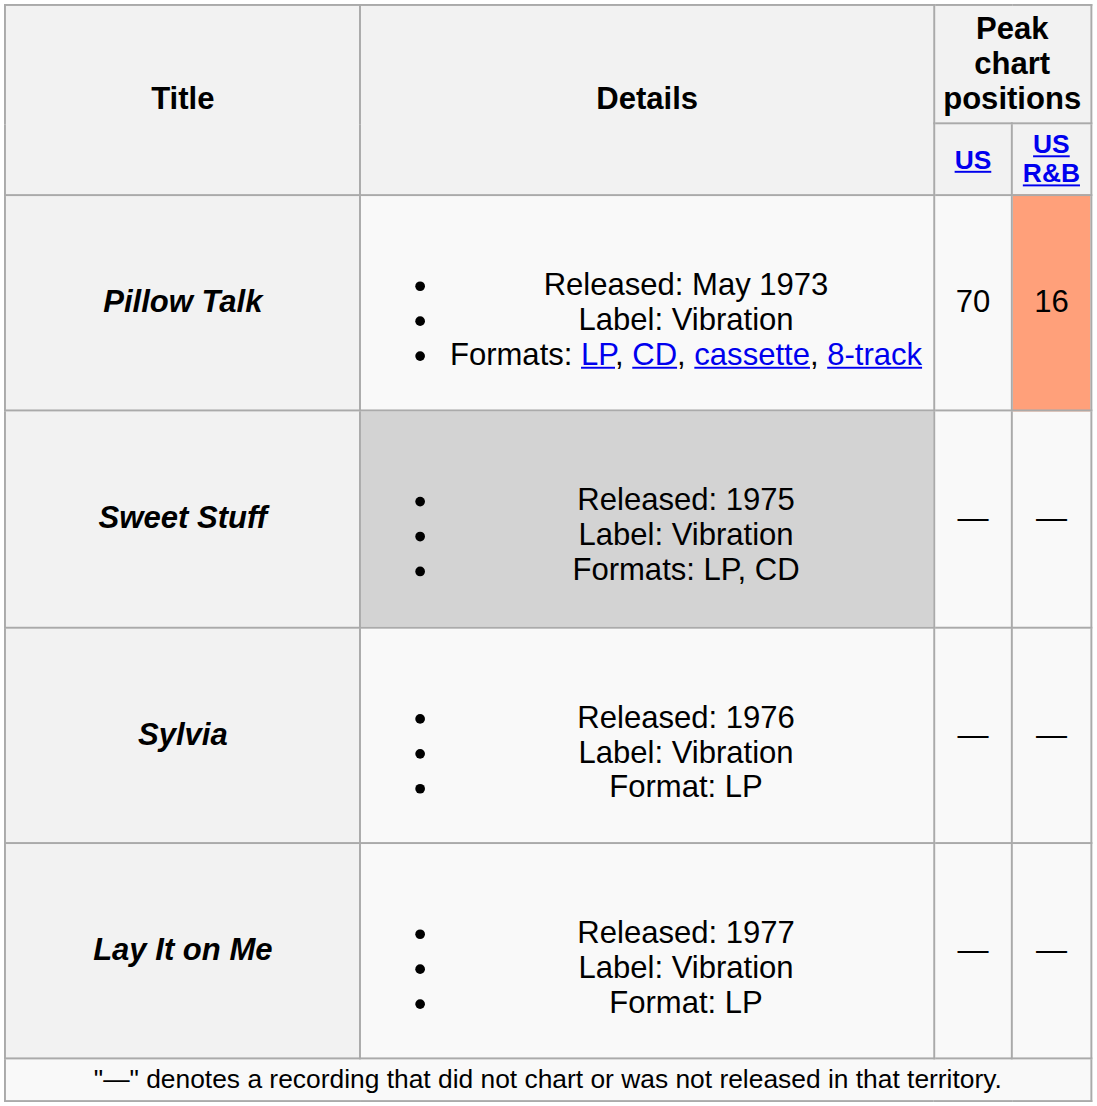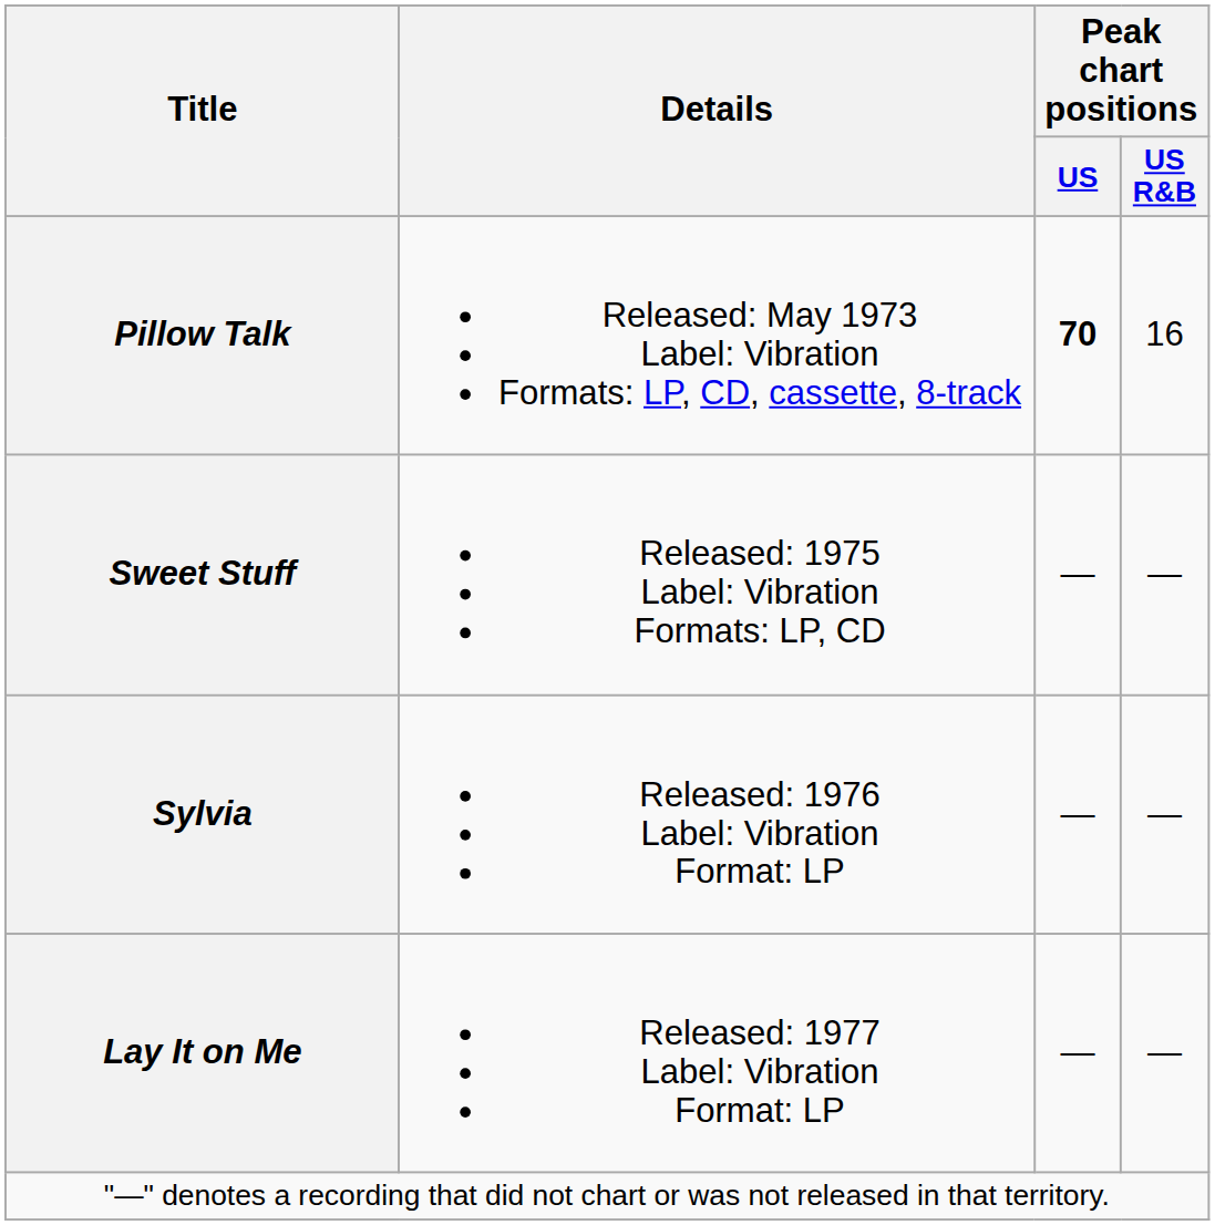 <table class="wikitable plainrowheaders" style="text-align:center;">
 <tr>
 <th scope="col" rowspan="2" style="width:11em;">Title</th>
 <th scope="col" rowspan="2" style="width:18em;">Details</th>
 <th scope="col" colspan="2">Peak chart positions</th>
 </tr>
 <tr>
 <th scope="col" style="width:2.5em; font-size:85%;"><a href='#'>US</a><br></th>
 <th scope="col" style="width:2.5em; font-size:85%;"><a href='#'>US R&B</a><br></th>
 </tr>
 <tr>
 <th scope="row"><em>Pillow Talk</em></th>
 <td><br><ul><li>Released: May 1973</li><li>Label: Vibration</li><li>Formats: <a href='#'>LP</a>, <a href='#'>CD</a>, <a href='#'>cassette</a>, <a href='#'>8-track</a></li></ul></td>
-<td>70</td>
-<td style="background: lightsalmon;">16</td>
+<td><strong>70</strong></td>
+<td>16</td>
 </tr>
 <tr>
 <th scope="row"><em>Sweet Stuff</em></th>
-<td style="background: lightgrey;"><br><ul><li>Released: 1975</li><li>Label: Vibration</li><li>Formats: LP, CD</li></ul></td>
+<td><br><ul><li>Released: 1975</li><li>Label: Vibration</li><li>Formats: LP, CD</li></ul></td>
 <td>—</td>
 <td>—</td>
 </tr>
 <tr>
 <th scope="row"><em>Sylvia</em></th>
 <td><br><ul><li>Released: 1976</li><li>Label: Vibration</li><li>Format: LP</li></ul></td>
 <td>—</td>
 <td>—</td>
 </tr>
 <tr>
 <th scope="row"><em>Lay It on Me</em></th>
 <td><br><ul><li>Released: 1977</li><li>Label: Vibration</li><li>Format: LP</li></ul></td>
 <td>—</td>
 <td>—</td>
 </tr>
 <tr>
 <td colspan="14" style="font-size:85%">"—" denotes a recording that did not chart or was not released in that territory.</td>
 </tr>
 </table>
